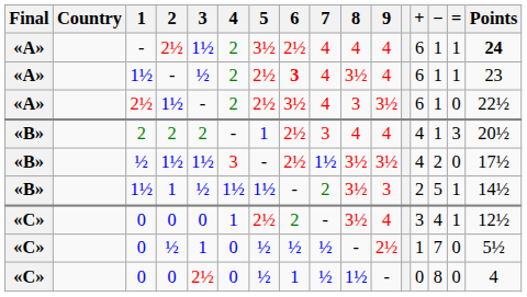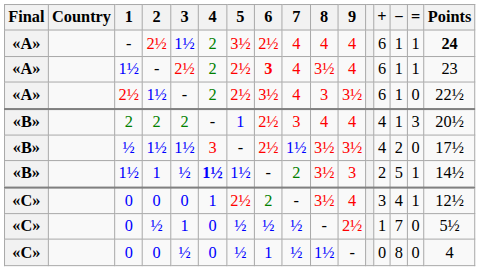 <table class="wikitable" style="text-align:center">
 <tr>
 <th>Final</th>
 <th>Country</th>
 <th>1</th>
 <th>2</th>
 <th>3</th>
 <th>4</th>
 <th>5</th>
 <th>6</th>
 <th>7</th>
 <th>8</th>
 <th>9</th>
 <th></th>
 <th>+</th>
 <th>−</th>
 <th>=</th>
 <th>Points</th>
 </tr>
 <tr>
 <th>«A»</th>
 <td style="text-align: left"></td>
 <td>-</td>
 <td style="color: red;">2½</td>
 <td style="color: blue;">1½</td>
 <td style="color: green">2</td>
 <td style="color: red;">3½</td>
 <td style="color: red;">2½</td>
 <td style="color: red;">4</td>
 <td style="color: red;">4</td>
 <td style="color: red;">4</td>
 <th></th>
 <td>6</td>
 <td>1</td>
 <td>1</td>
 <td><strong>24</strong></td>
 </tr>
 <tr>
 <th>«A»</th>
 <td style="text-align: left"></td>
 <td style="color: blue;">1½</td>
 <td>-</td>
-<td style="color: blue;">½</td>
+<td style="color: red;">2½</td>
 <td style="color: green">2</td>
 <td style="color: red;">2½</td>
 <td style="color: red;"><strong>3</strong></td>
 <td style="color: red;">4</td>
 <td style="color: red;">3½</td>
 <td style="color: red;">4</td>
 <th></th>
 <td>6</td>
 <td>1</td>
 <td>1</td>
 <td>23</td>
 </tr>
 <tr>
 <th>«A»</th>
 <td style="text-align: left"></td>
 <td style="color: red;">2½</td>
 <td style="color: blue;">1½</td>
 <td>-</td>
 <td style="color: green">2</td>
 <td style="color: red;">2½</td>
 <td style="color: red;">3½</td>
 <td style="color: red;">4</td>
 <td style="color: red;">3</td>
 <td style="color: red;">3½</td>
 <th></th>
 <td>6</td>
 <td>1</td>
 <td>0</td>
 <td>22½</td>
 </tr>
 <tr style="border-top:2px solid grey;">
 <th>«B»</th>
 <td style="text-align: left"></td>
 <td style="color: green">2</td>
 <td style="color: green">2</td>
 <td style="color: green">2</td>
 <td>-</td>
 <td style="color: blue;">1</td>
 <td style="color: red;">2½</td>
 <td style="color: red;">3</td>
 <td style="color: red;">4</td>
 <td style="color: red;">4</td>
 <th></th>
 <td>4</td>
 <td>1</td>
 <td>3</td>
 <td>20½</td>
 </tr>
 <tr>
 <th>«B»</th>
 <td style="text-align: left"></td>
 <td style="color: blue;">½</td>
 <td style="color: blue;">1½</td>
 <td style="color: blue;">1½</td>
 <td style="color: red;">3</td>
 <td>-</td>
 <td style="color: red;">2½</td>
 <td style="color: blue;">1½</td>
 <td style="color: red;">3½</td>
 <td style="color: red;">3½</td>
 <th></th>
 <td>4</td>
 <td>2</td>
 <td>0</td>
 <td>17½</td>
 </tr>
 <tr>
 <th>«B»</th>
 <td style="text-align: left"></td>
 <td style="color: blue;">1½</td>
 <td style="color: blue;">1</td>
 <td style="color: blue;">½</td>
-<td style="color: blue;">1½</td>
+<td style="color: blue;"><strong>1½</strong></td>
 <td style="color: blue;">1½</td>
 <td>-</td>
 <td style="color: green">2</td>
 <td style="color: red;">3½</td>
 <td style="color: red;">3</td>
 <th></th>
 <td>2</td>
 <td>5</td>
 <td>1</td>
 <td>14½</td>
 </tr>
 <tr style="border-top:2px solid grey;">
 <th>«C»</th>
 <td style="text-align: left"></td>
 <td style="color: blue;">0</td>
 <td style="color: blue;">0</td>
 <td style="color: blue;">0</td>
 <td style="color: blue;">1</td>
 <td style="color: red;">2½</td>
 <td style="color: green">2</td>
 <td>-</td>
 <td style="color: red;">3½</td>
 <td style="color: red;">4</td>
 <th></th>
 <td>3</td>
 <td>4</td>
 <td>1</td>
 <td>12½</td>
 </tr>
 <tr>
 <th>«C»</th>
 <td style="text-align: left"></td>
 <td style="color: blue;">0</td>
 <td style="color: blue;">½</td>
 <td style="color: blue;">1</td>
 <td style="color: blue;">0</td>
 <td style="color: blue;">½</td>
 <td style="color: blue;">½</td>
 <td style="color: blue;">½</td>
 <td>-</td>
 <td style="color: red;">2½</td>
 <th></th>
 <td>1</td>
 <td>7</td>
 <td>0</td>
 <td>5½</td>
 </tr>
 <tr>
 <th>«C»</th>
 <td style="text-align: left"></td>
 <td style="color: blue;">0</td>
 <td style="color: blue;">0</td>
-<td style="color: red;">2½</td>
+<td style="color: blue;">½</td>
 <td style="color: blue;">0</td>
 <td style="color: blue;">½</td>
 <td style="color: blue;">1</td>
 <td style="color: blue;">½</td>
 <td style="color: blue;">1½</td>
 <td>-</td>
 <th></th>
 <td>0</td>
 <td>8</td>
 <td>0</td>
 <td>4</td>
 </tr>
 </table>
